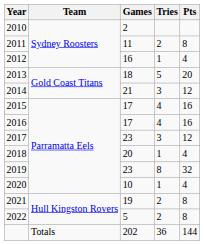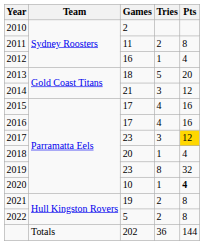 <table class="wikitable">
 <tr>
 <th>Year</th>
 <th>Team</th>
 <th>Games</th>
 <th>Tries</th>
 <th>Pts</th>
 </tr>
 <tr>
 <td>2010</td>
 <td rowspan="3"> <a href='#'>Sydney Roosters</a></td>
 <td>2</td>
 <td></td>
 <td></td>
 </tr>
 <tr>
 <td>2011</td>
 <td>11</td>
 <td>2</td>
 <td>8</td>
 </tr>
 <tr>
 <td>2012</td>
 <td>16</td>
 <td>1</td>
 <td>4</td>
 </tr>
 <tr>
 <td>2013</td>
 <td rowspan="2"> <a href='#'>Gold Coast Titans</a></td>
 <td>18</td>
 <td>5</td>
 <td>20</td>
 </tr>
 <tr>
 <td>2014</td>
 <td>21</td>
 <td>3</td>
 <td>12</td>
 </tr>
 <tr>
 <td>2015</td>
 <td rowspan="6"> <a href='#'>Parramatta Eels</a></td>
 <td>17</td>
 <td>4</td>
 <td>16</td>
 </tr>
 <tr>
 <td>2016</td>
 <td>17</td>
 <td>4</td>
 <td>16</td>
 </tr>
 <tr>
 <td>2017</td>
 <td>23</td>
 <td>3</td>
-<td>12</td>
+<td style="background: gold;">12</td>
 </tr>
 <tr>
 <td>2018</td>
 <td>20</td>
 <td>1</td>
 <td>4</td>
 </tr>
 <tr>
 <td>2019</td>
 <td>23</td>
 <td>8</td>
 <td>32</td>
 </tr>
 <tr>
 <td>2020</td>
 <td>10</td>
 <td>1</td>
-<td>4</td>
+<td><strong>4</strong></td>
 </tr>
 <tr>
 <td>2021</td>
 <td rowspan="2"> <a href='#'>Hull Kingston Rovers</a></td>
 <td>19</td>
 <td>2</td>
 <td>8</td>
 </tr>
 <tr>
 <td>2022</td>
 <td>5</td>
 <td>2</td>
 <td>8</td>
 </tr>
 <tr>
 <td></td>
 <td>Totals</td>
 <td>202</td>
 <td>36</td>
 <td>144</td>
 </tr>
 </table>
